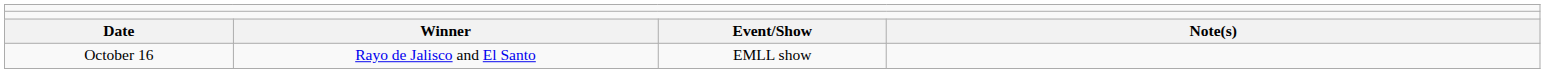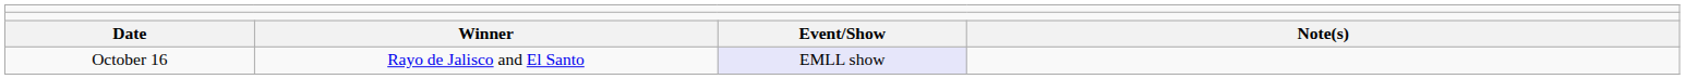 <table class="wikitable" style="text-align:center; width:100%;">
 <tr>
 <td colspan=5></td>
 </tr>
 <tr>
 <td colspan=5><strong></strong></td>
 </tr>
 <tr>
 <th width=14%>Date</th>
 <th width=26%>Winner</th>
 <th width=14%>Event/Show</th>
 <th width=40%>Note(s)</th>
 </tr>
 <tr>
 <td>October 16</td>
 <td><a href='#'>Rayo de Jalisco</a> and <a href='#'>El Santo</a></td>
-<td>EMLL show</td>
+<td style="background: lavender;">EMLL show</td>
 <td align=left></td>
 </tr>
 </table>
